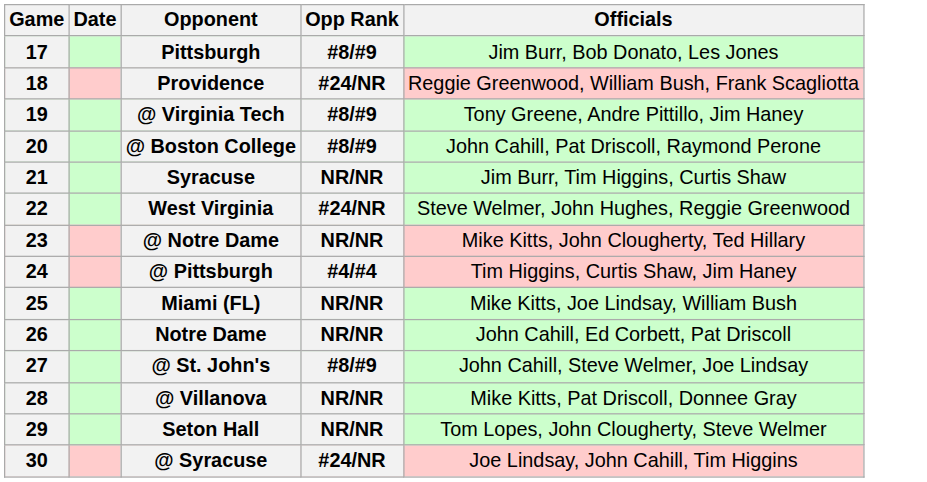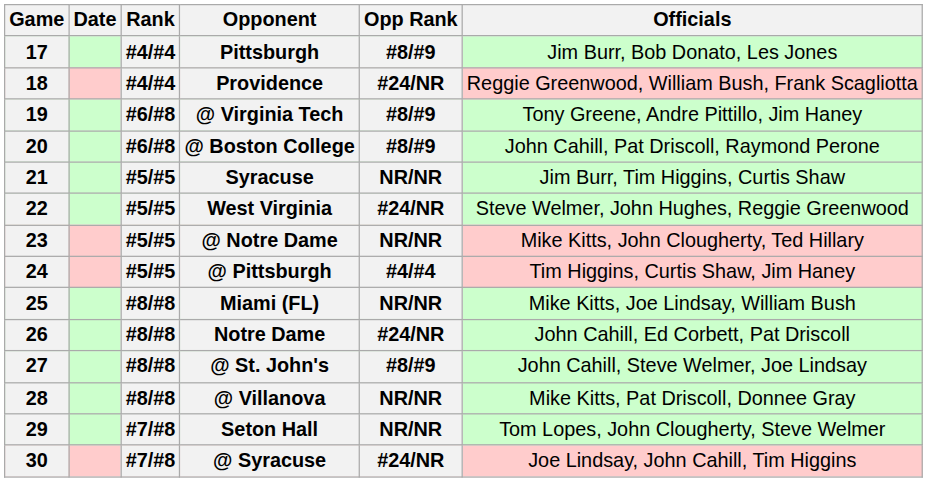 <table class="wikitable">
 <tr>
 <th>Game</th>
 <th>Date</th>
+<th>Rank</th>
 <th>Opponent</th>
 <th>Opp Rank</th>
 <th>Officials</th>
 </tr>
 <tr align="center" bgcolor="#ccffcc">
 <th>17</th>
 <td></td>
+<th>#4/#4</th>
 <th>Pittsburgh</th>
 <th>#8/#9</th>
 <td>Jim Burr, Bob Donato, Les Jones</td>
 </tr>
 <tr align="center" bgcolor="#ffcccc">
 <th>18</th>
 <td></td>
+<th>#4/#4</th>
 <th>Providence</th>
 <th>#24/NR</th>
 <td>Reggie Greenwood, William Bush, Frank Scagliotta</td>
 </tr>
 <tr align="center" bgcolor="#ccffcc">
 <th>19</th>
 <td></td>
+<th>#6/#8</th>
 <th>@ Virginia Tech</th>
 <th>#8/#9</th>
 <td>Tony Greene, Andre Pittillo, Jim Haney</td>
 </tr>
 <tr align="center" bgcolor="#ccffcc">
 <th>20</th>
 <td></td>
+<th>#6/#8</th>
 <th>@ Boston College</th>
 <th>#8/#9</th>
 <td>John Cahill, Pat Driscoll, Raymond Perone</td>
 </tr>
 <tr align="center" bgcolor="#ccffcc">
 <th>21</th>
 <td></td>
+<th>#5/#5</th>
 <th>Syracuse</th>
 <th>NR/NR</th>
 <td>Jim Burr, Tim Higgins, Curtis Shaw</td>
 </tr>
 <tr align="center" bgcolor="#ccffcc">
 <th>22</th>
 <td></td>
+<th>#5/#5</th>
 <th>West Virginia</th>
 <th>#24/NR</th>
 <td>Steve Welmer, John Hughes, Reggie Greenwood</td>
 </tr>
 <tr align="center" bgcolor="#ffcccc">
 <th>23</th>
 <td></td>
+<th>#5/#5</th>
 <th>@ Notre Dame</th>
 <th>NR/NR</th>
 <td>Mike Kitts, John Clougherty, Ted Hillary</td>
 </tr>
 <tr align="center" bgcolor="#ffcccc">
 <th>24</th>
 <td></td>
+<th>#5/#5</th>
 <th>@ Pittsburgh</th>
 <th>#4/#4</th>
 <td>Tim Higgins, Curtis Shaw, Jim Haney</td>
 </tr>
 <tr align="center" bgcolor="#ccffcc">
 <th>25</th>
 <td></td>
+<th>#8/#8</th>
 <th>Miami (FL)</th>
 <th>NR/NR</th>
 <td>Mike Kitts, Joe Lindsay, William Bush</td>
 </tr>
 <tr align="center" bgcolor="#ccffcc">
 <th>26</th>
 <td></td>
+<th>#8/#8</th>
 <th>Notre Dame</th>
-<th>NR/NR</th>
+<th>#24/NR</th>
 <td>John Cahill, Ed Corbett, Pat Driscoll</td>
 </tr>
 <tr align="center" bgcolor="#ccffcc">
 <th>27</th>
 <td></td>
+<th>#8/#8</th>
 <th>@ St. John's</th>
 <th>#8/#9</th>
 <td>John Cahill, Steve Welmer, Joe Lindsay</td>
 </tr>
 <tr align="center" bgcolor="#ccffcc">
 <th>28</th>
 <td></td>
+<th>#8/#8</th>
 <th>@ Villanova</th>
 <th>NR/NR</th>
 <td>Mike Kitts, Pat Driscoll, Donnee Gray</td>
 </tr>
 <tr align="center" bgcolor="#ccffcc">
 <th>29</th>
 <td></td>
+<th>#7/#8</th>
 <th>Seton Hall</th>
 <th>NR/NR</th>
 <td>Tom Lopes, John Clougherty, Steve Welmer</td>
 </tr>
 <tr align="center" bgcolor="#ffcccc">
 <th>30</th>
 <td></td>
+<th>#7/#8</th>
 <th>@ Syracuse</th>
 <th>#24/NR</th>
 <td>Joe Lindsay, John Cahill, Tim Higgins</td>
 </tr>
 </table>
